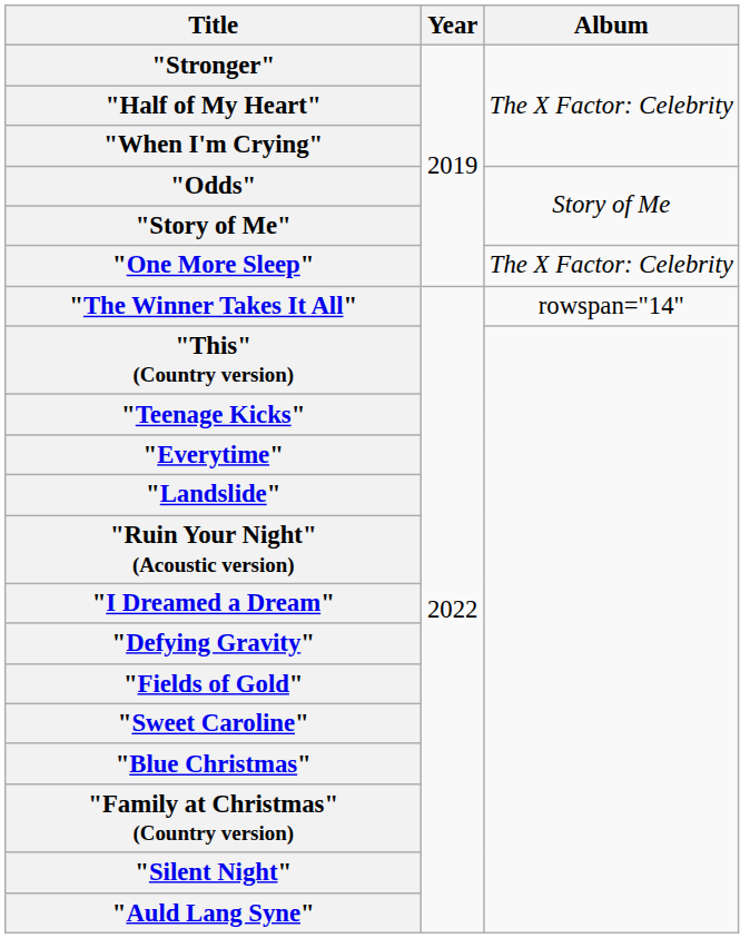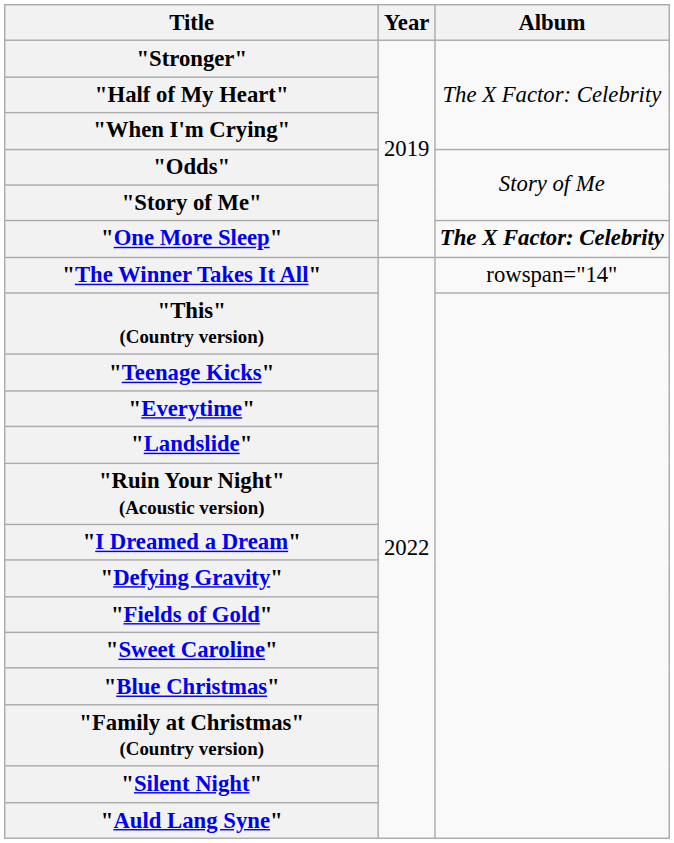 <table class="wikitable plainrowheaders" style="text-align:center;">
 <tr>
 <th scope="col" style="width:16em;">Title</th>
 <th scope="col" style="width:1em;">Year</th>
 <th scope="col">Album</th>
 </tr>
 <tr>
 <th scope="row">"Stronger"</th>
 <td rowspan="6">2019</td>
 <td rowspan="3"><em>The X Factor: Celebrity</em></td>
 </tr>
 <tr>
 <th scope="row">"Half of My Heart"</th>
 </tr>
 <tr>
 <th scope="row">"When I'm Crying"</th>
 </tr>
 <tr>
 <th scope="row">"Odds"</th>
 <td rowspan="2"><em>Story of Me</em></td>
 </tr>
 <tr>
 <th scope="row">"Story of Me"</th>
 </tr>
 <tr>
 <th scope="row">"<a href='#'>One More Sleep</a>"</th>
-<td><em>The X Factor: Celebrity</em></td>
+<td><strong><em>The X Factor: Celebrity</em></strong></td>
 </tr>
 <tr>
 <th scope="row">"<a href='#'>The Winner Takes It All</a>"</th>
 <td rowspan="14">2022</td>
 <td>rowspan="14" </td>
 </tr>
 <tr>
 <th scope="row">"This"<br><small>(Country version)</small></th>
 </tr>
 <tr>
 <th scope="row">"<a href='#'>Teenage Kicks</a>"</th>
 </tr>
 <tr>
 <th scope="row">"<a href='#'>Everytime</a>"</th>
 </tr>
 <tr>
 <th scope="row">"<a href='#'>Landslide</a>"</th>
 </tr>
 <tr>
 <th scope="row">"Ruin Your Night"<br><small>(Acoustic version)</small></th>
 </tr>
 <tr>
 <th scope="row">"<a href='#'>I Dreamed a Dream</a>"</th>
 </tr>
 <tr>
 <th scope="row">"<a href='#'>Defying Gravity</a>"</th>
 </tr>
 <tr>
 <th scope="row">"<a href='#'>Fields of Gold</a>"</th>
 </tr>
 <tr>
 <th scope="row">"<a href='#'>Sweet Caroline</a>"</th>
 </tr>
 <tr>
 <th scope="row">"<a href='#'>Blue Christmas</a>"</th>
 </tr>
 <tr>
 <th scope="row">"Family at Christmas"<br><small>(Country version)</small></th>
 </tr>
 <tr>
 <th scope="row">"<a href='#'>Silent Night</a>"</th>
 </tr>
 <tr>
 <th scope="row">"<a href='#'>Auld Lang Syne</a>"</th>
 </tr>
 </table>
